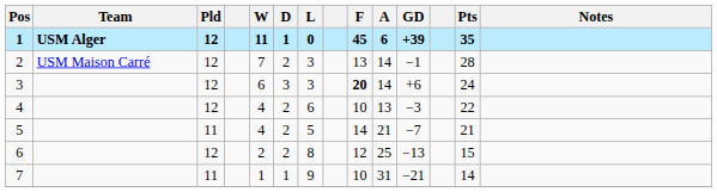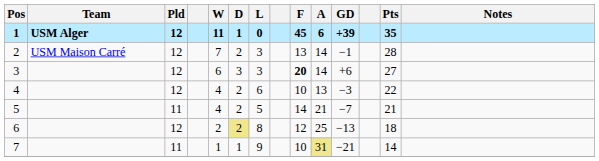 <table class="wikitable" style="text-align: center;">
 <tr>
 <th width=20>Pos</th>
 <th width=175>Team</th>
 <th width=20>Pld</th>
 <th width=20></th>
 <th width=20>W</th>
 <th width=20>D</th>
 <th width=20>L</th>
 <th width=20></th>
 <th width=20>F</th>
 <th width=20>A</th>
 <th width=30>GD</th>
 <th width=20></th>
 <th width=20>Pts</th>
 <th width=250>Notes</th>
 </tr>
 <tr style="background:#BBEBFF;">
 <td><strong>1</strong></td>
 <td align=left><strong>USM Alger</strong></td>
 <td><strong>12</strong></td>
 <td></td>
 <td><strong>11</strong></td>
 <td><strong>1</strong></td>
 <td><strong>0</strong></td>
 <td></td>
 <td><strong>45</strong></td>
 <td><strong>6</strong></td>
 <td><strong>+39</strong></td>
 <td></td>
 <td><strong>35</strong></td>
 <td></td>
 </tr>
 <tr>
 <td>2</td>
 <td align=left><a href='#'>USM Maison Carré</a></td>
 <td>12</td>
 <td></td>
 <td>7</td>
 <td>2</td>
 <td>3</td>
 <td></td>
 <td>13</td>
 <td>14</td>
 <td>−1</td>
 <td></td>
 <td>28</td>
 <td></td>
 </tr>
 <tr>
 <td>3</td>
 <td align=left></td>
 <td>12</td>
 <td></td>
 <td>6</td>
 <td>3</td>
 <td>3</td>
 <td></td>
 <td><strong>20</strong></td>
 <td>14</td>
 <td>+6</td>
 <td></td>
-<td>24</td>
+<td>27</td>
 <td></td>
 </tr>
 <tr>
 <td>4</td>
 <td align=left></td>
 <td>12</td>
 <td></td>
 <td>4</td>
 <td>2</td>
 <td>6</td>
 <td></td>
 <td>10</td>
 <td>13</td>
 <td>−3</td>
 <td></td>
 <td>22</td>
 <td></td>
 </tr>
 <tr>
 <td>5</td>
 <td align=left></td>
 <td>11</td>
 <td></td>
 <td>4</td>
 <td>2</td>
 <td>5</td>
 <td></td>
 <td>14</td>
 <td>21</td>
 <td>−7</td>
 <td></td>
 <td>21</td>
 <td></td>
 </tr>
 <tr>
 <td>6</td>
 <td align=left></td>
 <td>12</td>
 <td></td>
 <td>2</td>
-<td>2</td>
+<td style="background: khaki;">2</td>
 <td>8</td>
 <td></td>
 <td>12</td>
 <td>25</td>
 <td>−13</td>
 <td></td>
-<td>15</td>
+<td>18</td>
 <td></td>
 </tr>
 <tr>
 <td>7</td>
 <td align=left></td>
 <td>11</td>
 <td></td>
 <td>1</td>
 <td>1</td>
 <td>9</td>
 <td></td>
 <td>10</td>
-<td>31</td>
+<td style="background: khaki;">31</td>
 <td>−21</td>
 <td></td>
 <td>14</td>
 <td></td>
 </tr>
 <tr>
 </tr>
 </table>
